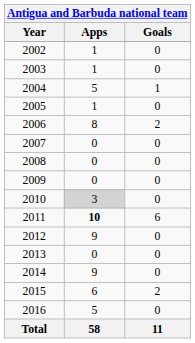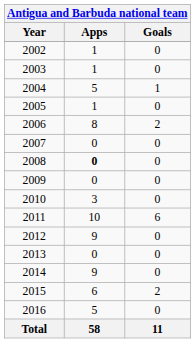 <table class="wikitable" style="text-align:center">
 <tr>
 <th colspan=3><a href='#'>Antigua and Barbuda national team</a></th>
 </tr>
 <tr>
 <th>Year</th>
 <th>Apps</th>
 <th>Goals</th>
 </tr>
 <tr>
 </tr>
 <tr>
 <td>2002</td>
 <td>1</td>
 <td>0</td>
 </tr>
 <tr>
 <td>2003</td>
 <td>1</td>
 <td>0</td>
 </tr>
 <tr>
 <td>2004</td>
 <td>5</td>
 <td>1</td>
 </tr>
 <tr>
 <td>2005</td>
 <td>1</td>
 <td>0</td>
 </tr>
 <tr>
 <td>2006</td>
 <td>8</td>
 <td>2</td>
 </tr>
 <tr>
 <td>2007</td>
 <td>0</td>
 <td>0</td>
 </tr>
 <tr>
 <td>2008</td>
-<td>0</td>
+<td><strong>0</strong></td>
 <td>0</td>
 </tr>
 <tr>
 <td>2009</td>
 <td>0</td>
 <td>0</td>
 </tr>
 <tr>
 <td>2010</td>
-<td style="background: lightgrey;">3</td>
+<td>3</td>
 <td>0</td>
 </tr>
 <tr>
 <td>2011</td>
-<td><strong>10</strong></td>
+<td>10</td>
 <td>6</td>
 </tr>
 <tr>
 <td>2012</td>
 <td>9</td>
 <td>0</td>
 </tr>
 <tr>
 <td>2013</td>
 <td>0</td>
 <td>0</td>
 </tr>
 <tr>
 <td>2014</td>
 <td>9</td>
 <td>0</td>
 </tr>
 <tr>
 <td>2015</td>
 <td>6</td>
 <td>2</td>
 </tr>
 <tr>
 <td>2016</td>
 <td>5</td>
 <td>0</td>
 </tr>
 <tr>
 <th>Total</th>
 <th>58</th>
 <th>11</th>
 </tr>
 </table>
